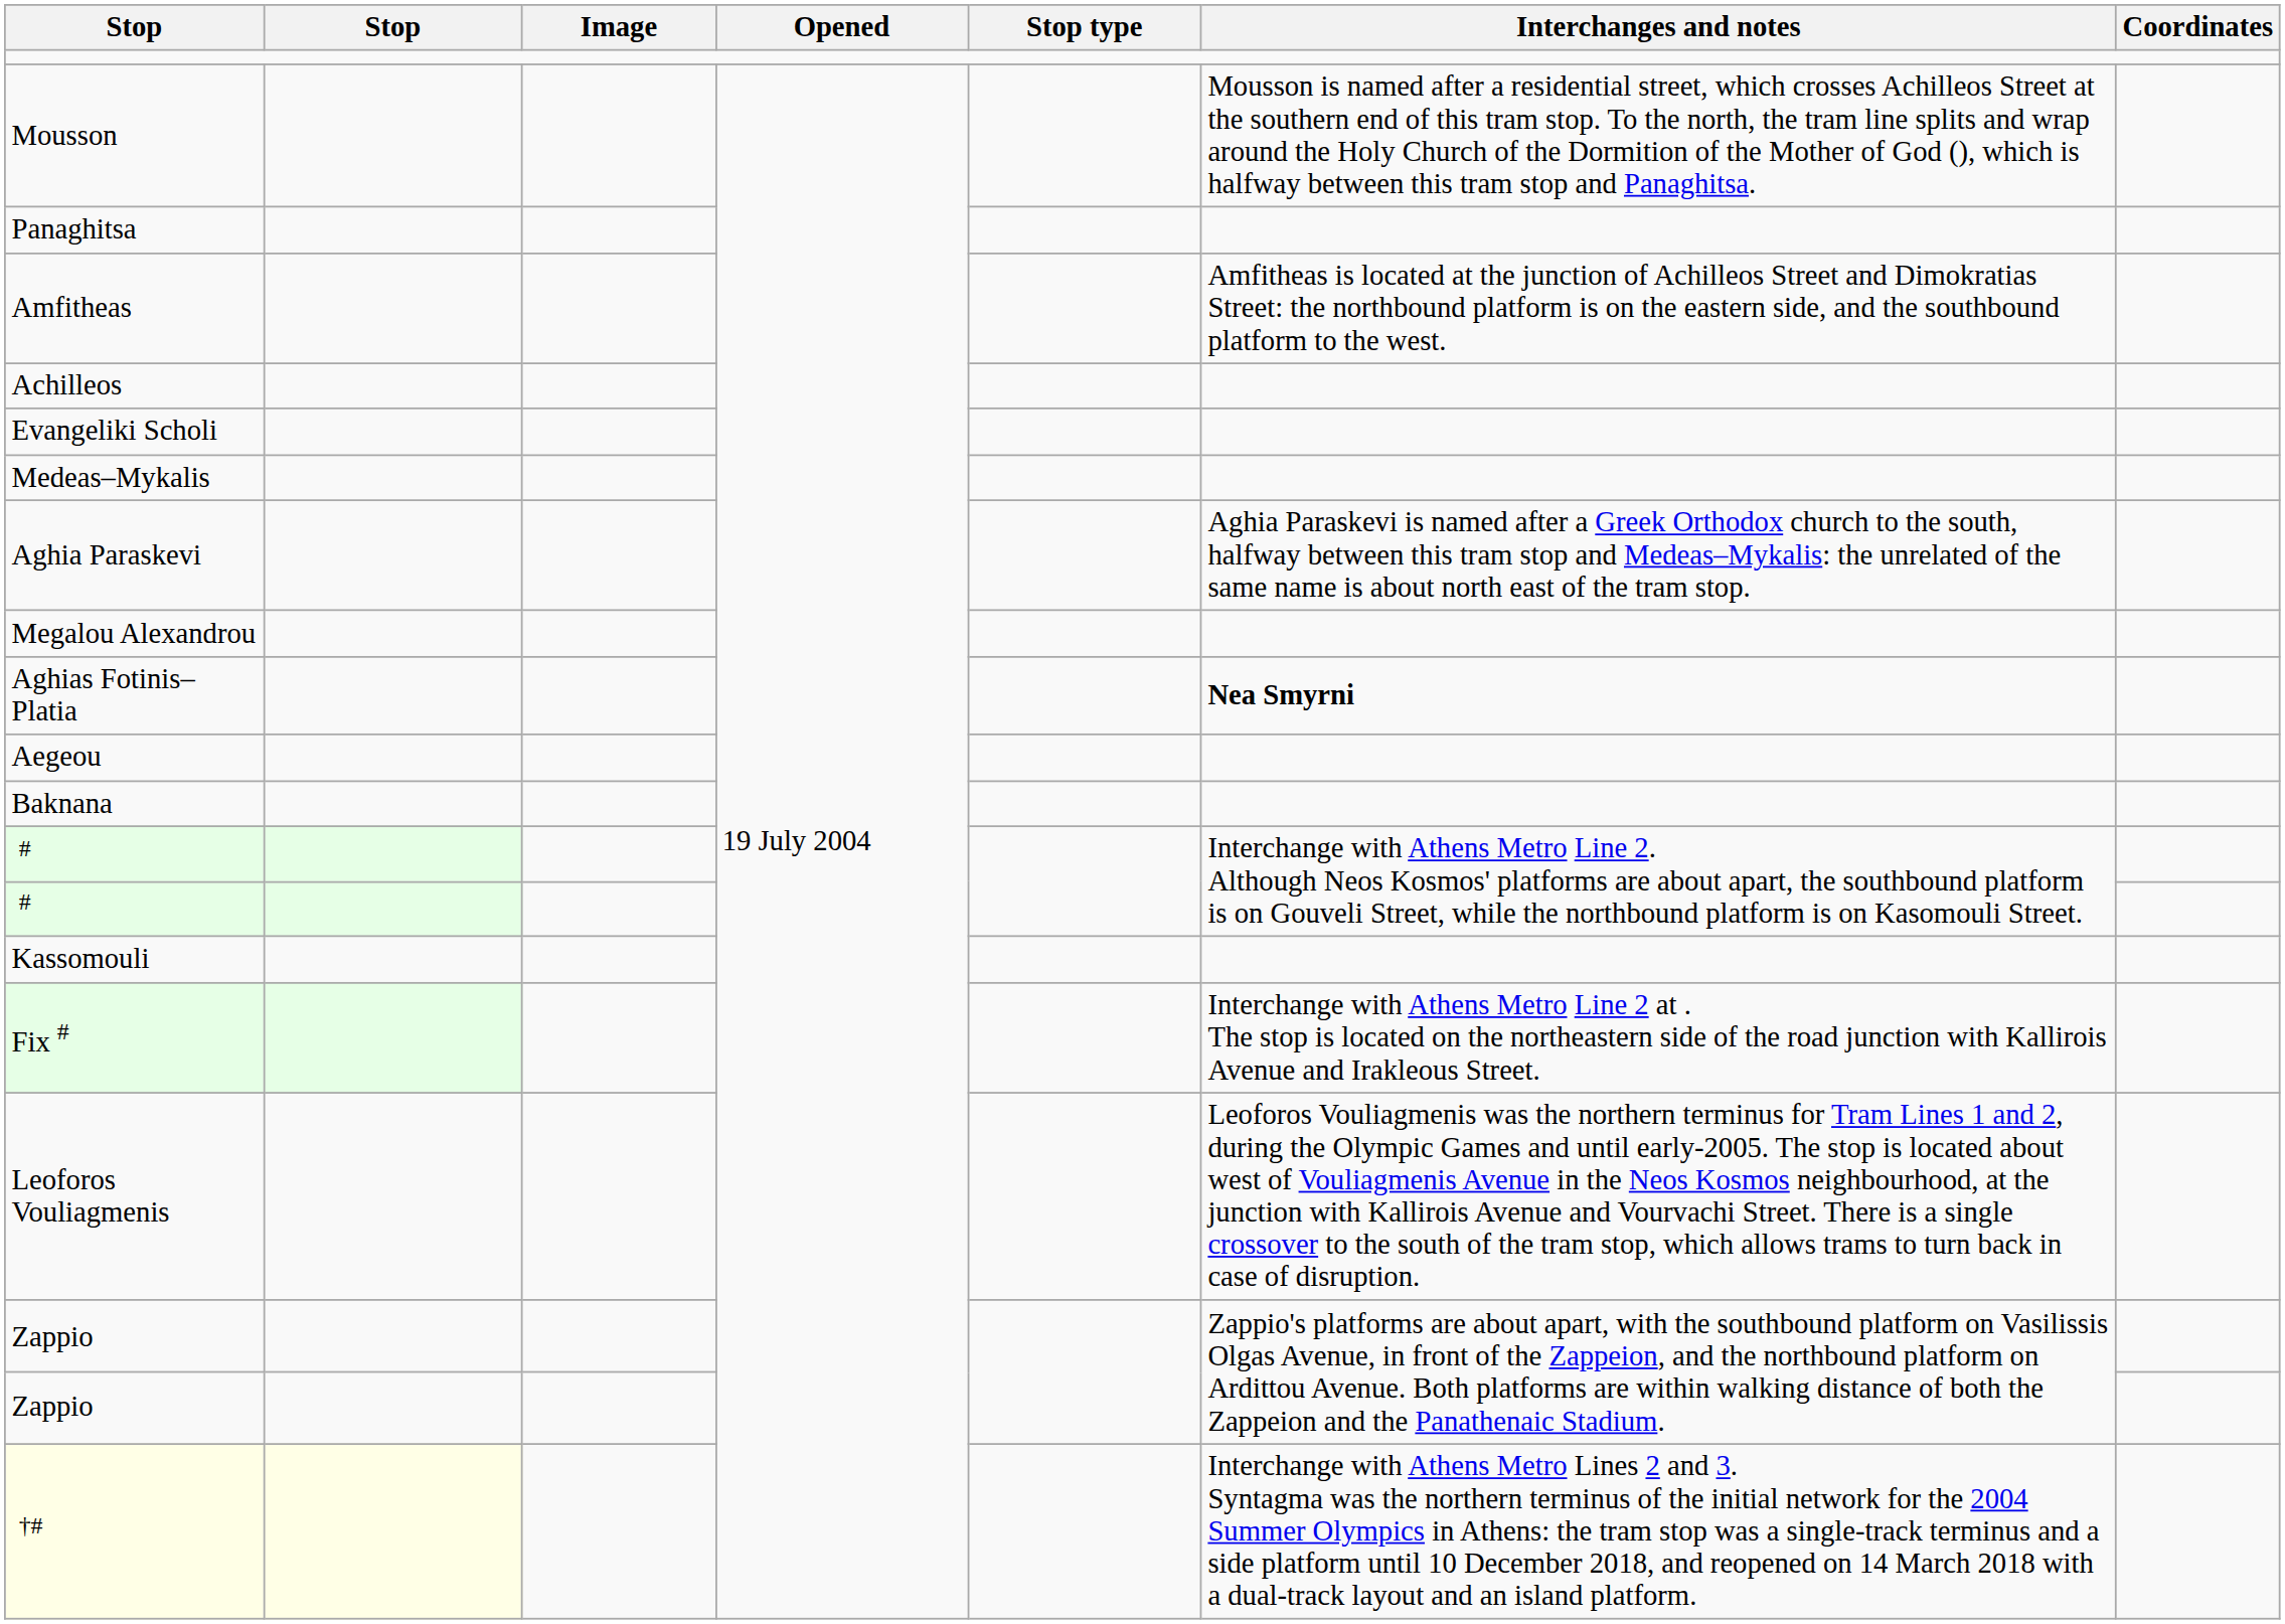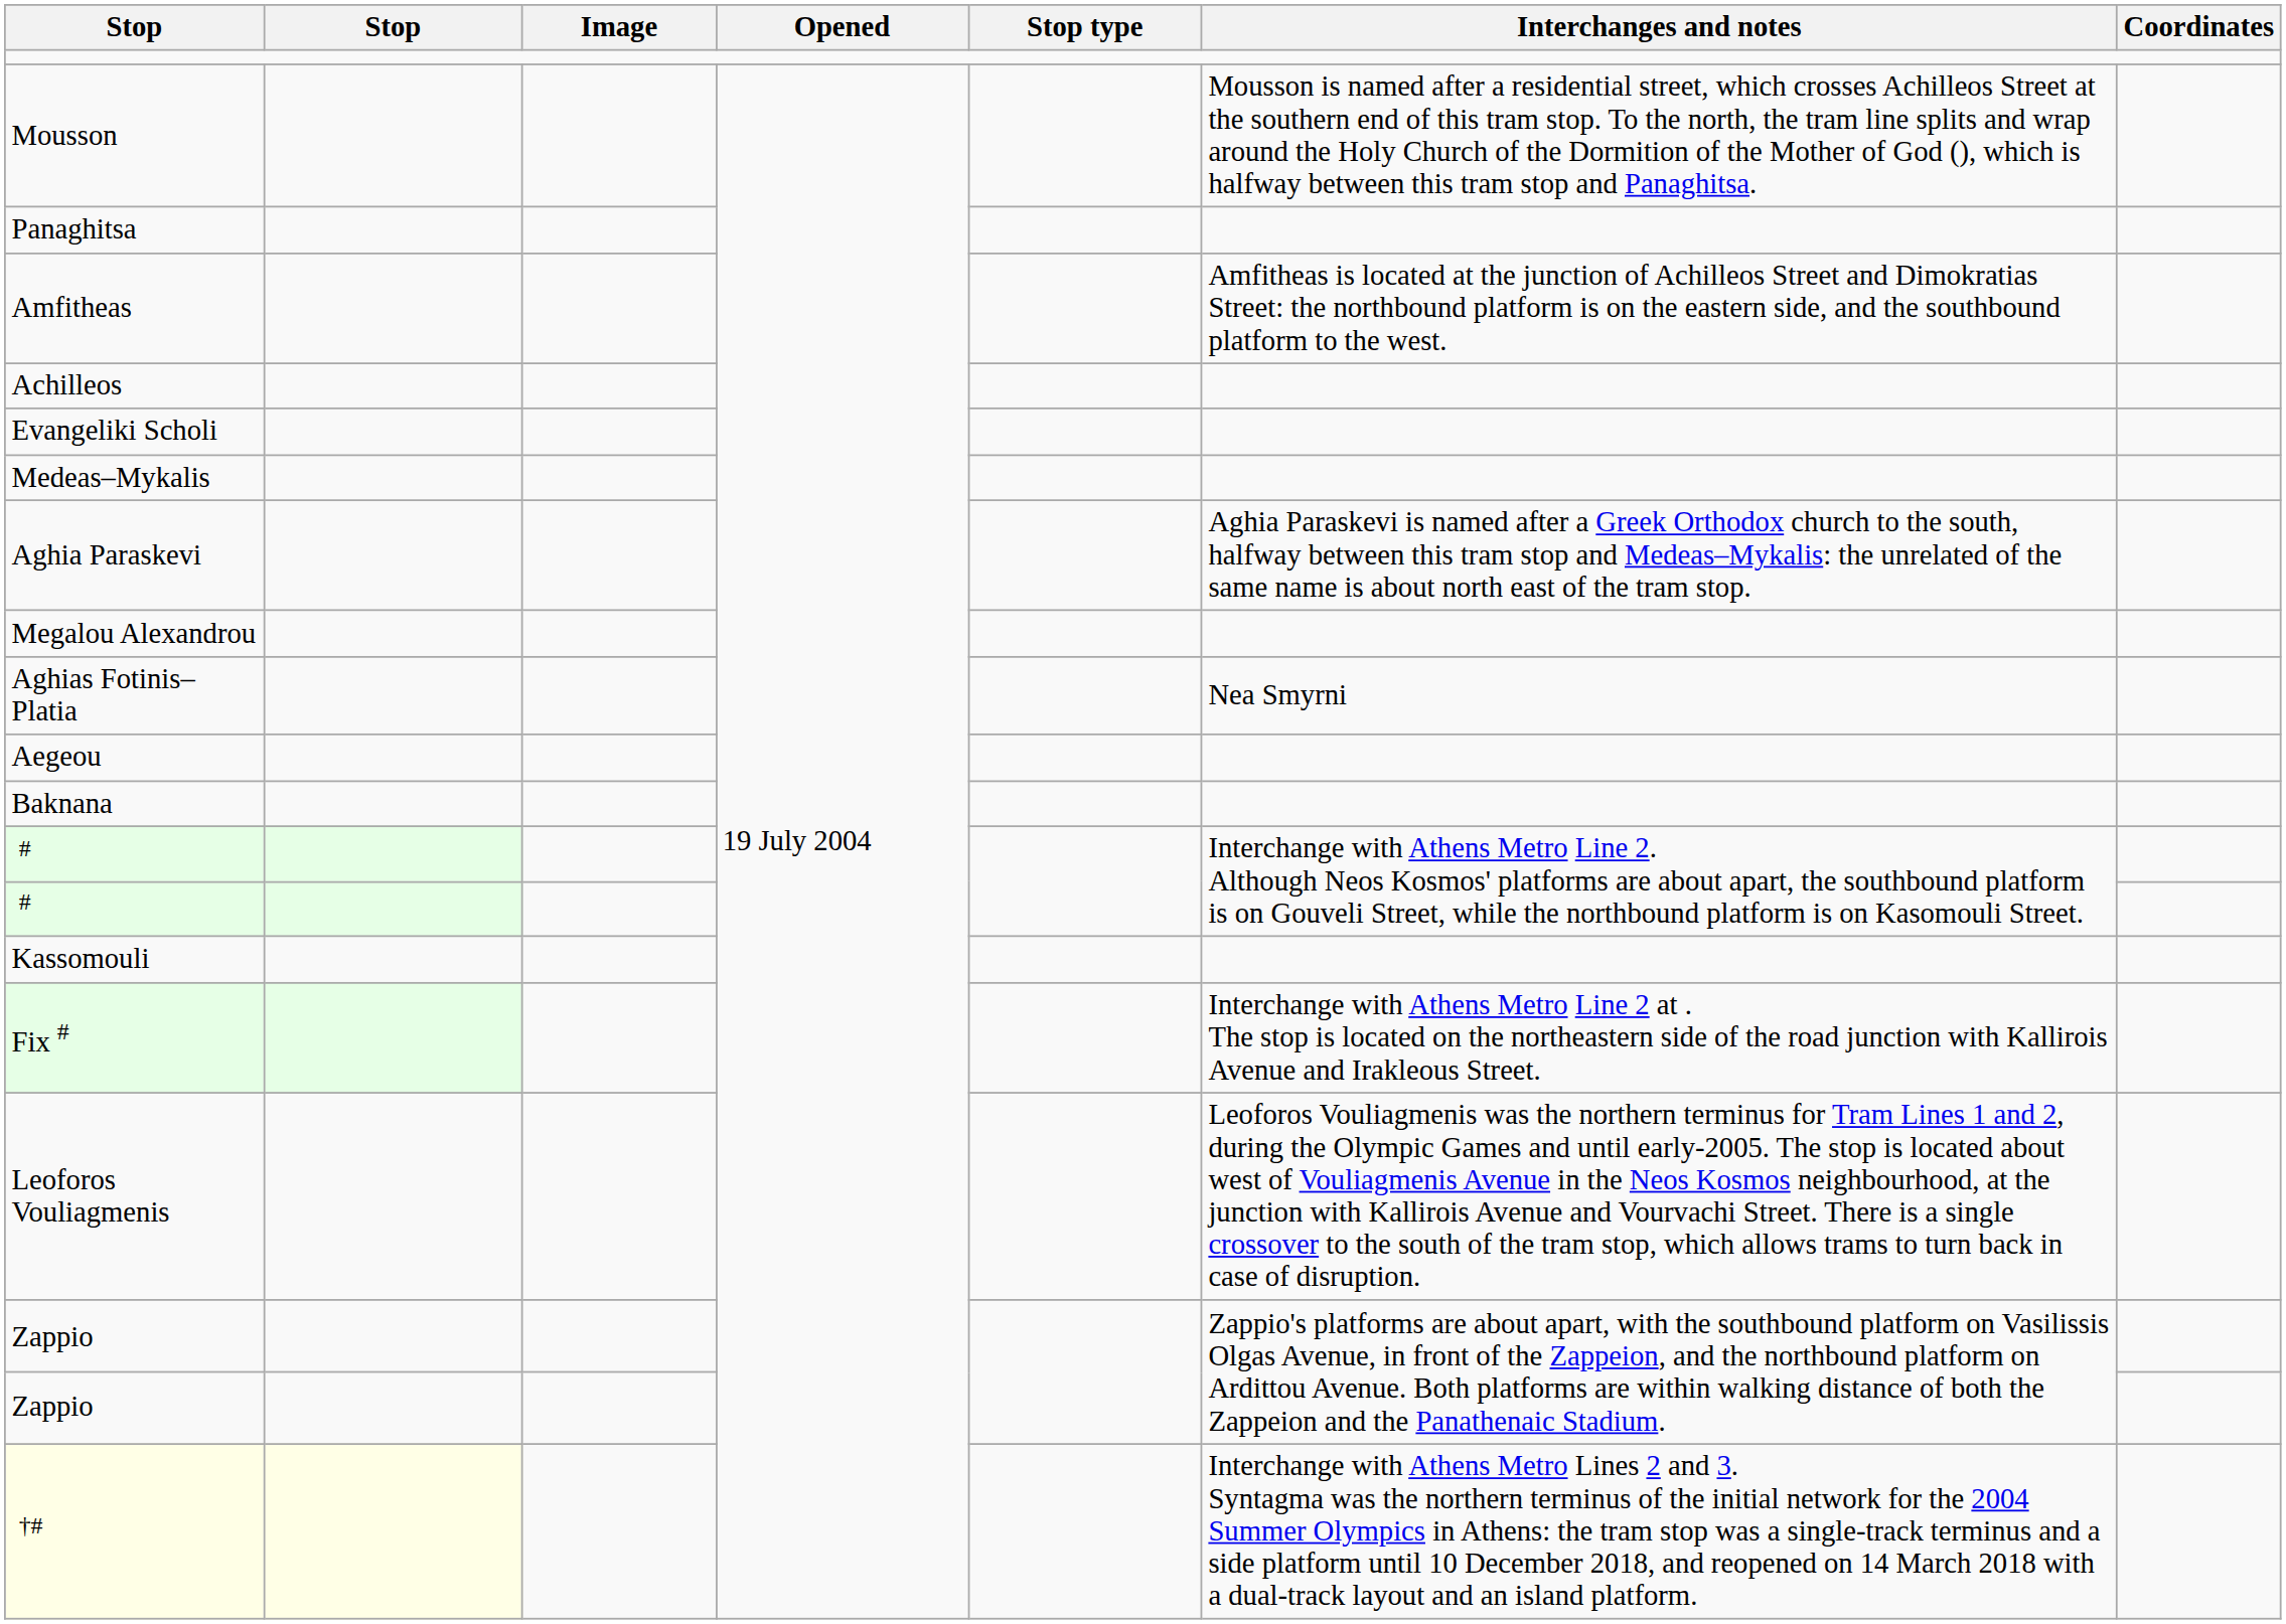 <table class="wikitable sortable" style="width:100%">
 <tr>
 <th style="min-width:90px;width:12.5%">Stop<br></th>
 <th style="min-width:90px;width:12.5%">Stop<br></th>
 <th style="min-width:100px;width:100px" class="unsortable">Image</th>
 <th style="min-width:75px;width:12.5%">Opened</th>
 <th style="width:12.5%" class="unsortable">Stop type</th>
 <th style="width:50%" class="unsortable">Interchanges and notes</th>
 <th class="unsortable" style="width:105px">Coordinates</th>
 </tr>
 <tr class="sorttop">
 <td colspan="7"><em></em></td>
 </tr>
 <tr id="S01">
 <td>Mousson</td>
 <td></td>
 <td></td>
 <td rowspan="19">19 July 2004</td>
 <td></td>
 <td>Mousson is named after a residential street, which crosses Achilleos Street at the southern end of this tram stop. To the north, the tram line splits and wrap around the Holy Church of the Dormition of the Mother of God (), which is halfway between this tram stop and <a href='#'>Panaghitsa</a>.</td>
 <td></td>
 </tr>
 <tr id="S02">
 <td>Panaghitsa</td>
 <td></td>
 <td></td>
 <td></td>
 <td></td>
 <td></td>
 </tr>
 <tr id="S03">
 <td>Amfitheas</td>
 <td></td>
 <td></td>
 <td></td>
 <td>Amfitheas is located at the junction of Achilleos Street and Dimokratias Street: the northbound platform is on the eastern side, and the southbound platform to the west.</td>
 <td></td>
 </tr>
 <tr id="S04">
 <td>Achilleos</td>
 <td></td>
 <td></td>
 <td></td>
 <td></td>
 <td></td>
 </tr>
 <tr id="S05">
 <td>Evangeliki Scholi</td>
 <td></td>
 <td></td>
 <td></td>
 <td></td>
 <td></td>
 </tr>
 <tr id="S06">
 <td>Medeas–Mykalis</td>
 <td></td>
 <td></td>
 <td></td>
 <td></td>
 <td></td>
 </tr>
 <tr id="S07">
 <td>Aghia Paraskevi</td>
 <td></td>
 <td></td>
 <td></td>
 <td>Aghia Paraskevi is named after a <a href='#'>Greek Orthodox</a> church to the south, halfway between this tram stop and <a href='#'>Medeas–Mykalis</a>: the unrelated  of the same name is about  north east of the tram stop.</td>
 <td></td>
 </tr>
 <tr id="S08">
 <td>Megalou Alexandrou</td>
 <td></td>
 <td></td>
 <td></td>
 <td></td>
 <td></td>
 </tr>
 <tr id="S09">
 <td>Aghias Fotinis–Platia</td>
 <td></td>
 <td></td>
 <td></td>
-<td><strong>Nea Smyrni</strong></td>
+<td>Nea Smyrni</td>
 <td></td>
 </tr>
 <tr id="S10">
 <td>Aegeou</td>
 <td></td>
 <td></td>
 <td></td>
 <td></td>
 <td></td>
 </tr>
 <tr id="S11">
 <td>Baknana</td>
 <td></td>
 <td></td>
 <td></td>
 <td></td>
 <td></td>
 </tr>
 <tr id="S12">
 <td style="background-color:#E6FFE6"> <sup>#</sup><br></td>
 <td style="background-color:#E6FFE6"><br></td>
 <td></td>
 <td rowspan="2"></td>
 <td rowspan="2">Interchange with <a href='#'>Athens Metro</a> <a href='#'>Line 2</a>.<br>Although Neos Kosmos' platforms are about  apart, the southbound platform is on Gouveli Street, while the northbound platform is on Kasomouli Street.</td>
 <td></td>
 </tr>
 <tr>
 <td style="background-color:#E6FFE6"> <sup>#</sup><br></td>
 <td style="background-color:#E6FFE6"><br></td>
 <td></td>
 <td></td>
 </tr>
 <tr id="S13">
 <td>Kassomouli</td>
 <td></td>
 <td></td>
 <td></td>
 <td></td>
 <td></td>
 </tr>
 <tr id="S14">
 <td style="background-color:#E6FFE6">Fix <sup>#</sup></td>
 <td style="background-color:#E6FFE6"></td>
 <td></td>
 <td></td>
 <td>Interchange with <a href='#'>Athens Metro</a> <a href='#'>Line 2</a> at .<br>The stop is located on the northeastern side of the road junction with Kallirois Avenue and Irakleous Street.</td>
 <td></td>
 </tr>
 <tr id="S15">
 <td>Leoforos Vouliagmenis</td>
 <td></td>
 <td></td>
 <td></td>
 <td>Leoforos Vouliagmenis was the northern terminus for <a href='#'>Tram Lines 1 and 2</a>, during the Olympic Games and until early-2005. The stop is located about  west of <a href='#'>Vouliagmenis Avenue</a> in the <a href='#'>Neos Kosmos</a> neighbourhood, at the junction with Kallirois Avenue and Vourvachi Street. There is a single <a href='#'>crossover</a> to the south of the tram stop, which allows trams to turn back in case of disruption.</td>
 <td></td>
 </tr>
 <tr id="S16">
 <td>Zappio<br></td>
 <td><br></td>
 <td></td>
 <td rowspan="2"></td>
 <td rowspan="2">Zappio's platforms are about  apart, with the southbound platform on Vasilissis Olgas Avenue, in front of the <a href='#'>Zappeion</a>, and the northbound platform on Ardittou Avenue. Both platforms are within walking distance of both the Zappeion and the <a href='#'>Panathenaic Stadium</a>.</td>
 <td></td>
 </tr>
 <tr>
 <td>Zappio<br></td>
 <td><br></td>
 <td></td>
 <td></td>
 </tr>
 <tr id="S17">
 <td style="background-color:#FFFFE6"> <sup>†#</sup></td>
 <td style="background-color:#FFFFE6"></td>
 <td></td>
 <td></td>
 <td>Interchange with <a href='#'>Athens Metro</a> Lines <a href='#'>2</a> and <a href='#'>3</a>.<br>Syntagma was the northern terminus of the initial network for the <a href='#'>2004 Summer Olympics</a> in Athens: the tram stop was a single-track terminus and a side platform until 10 December 2018, and reopened on 14 March 2018 with a dual-track layout and an island platform.</td>
 <td></td>
 </tr>
 </table>
